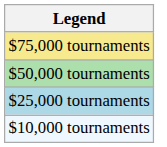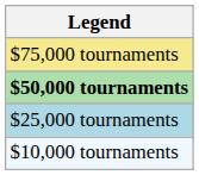 <table class="wikitable" style="font-size:85%;">
 <tr>
 <th>Legend</th>
 </tr>
 <tr style="background:#f7e98e;">
 <td>$75,000 tournaments</td>
 </tr>
 <tr bgcolor="#ADDFAD">
-<td>$50,000 tournaments</td>
+<td><strong>$50,000 tournaments</strong></td>
 </tr>
 <tr style="background:lightblue;">
 <td>$25,000 tournaments</td>
 </tr>
 <tr style="background:#f0f8ff;">
 <td>$10,000 tournaments</td>
 </tr>
 </table>
